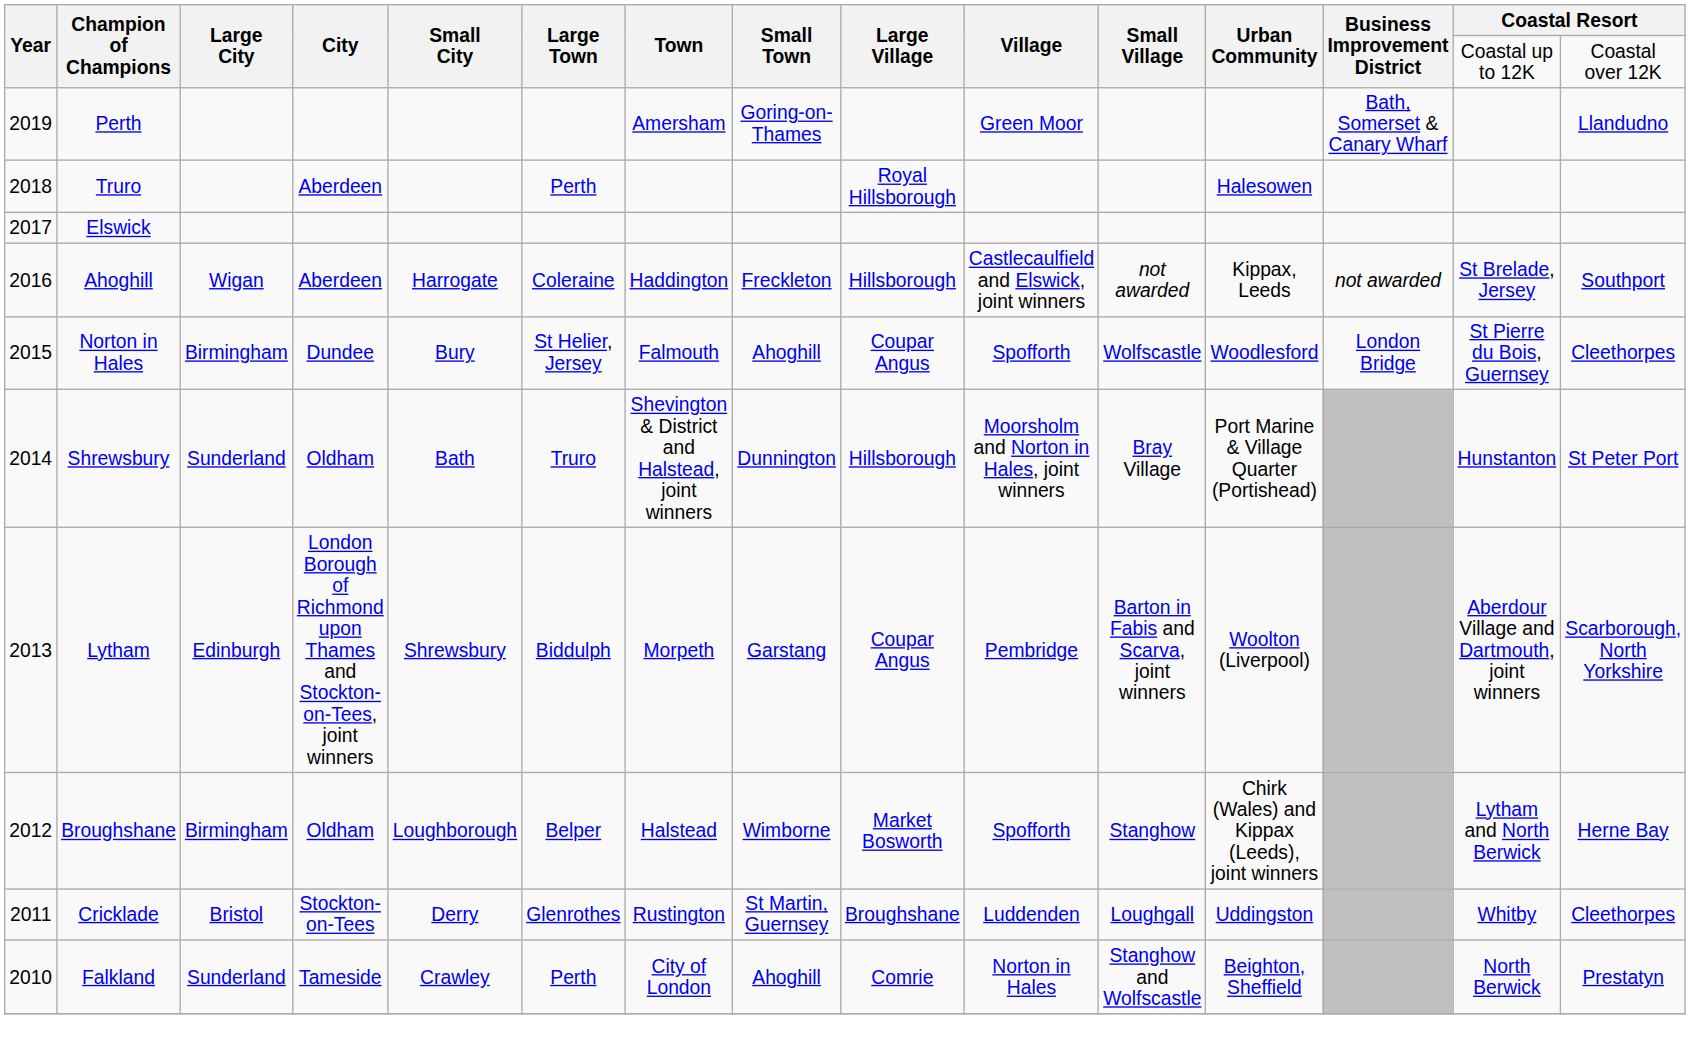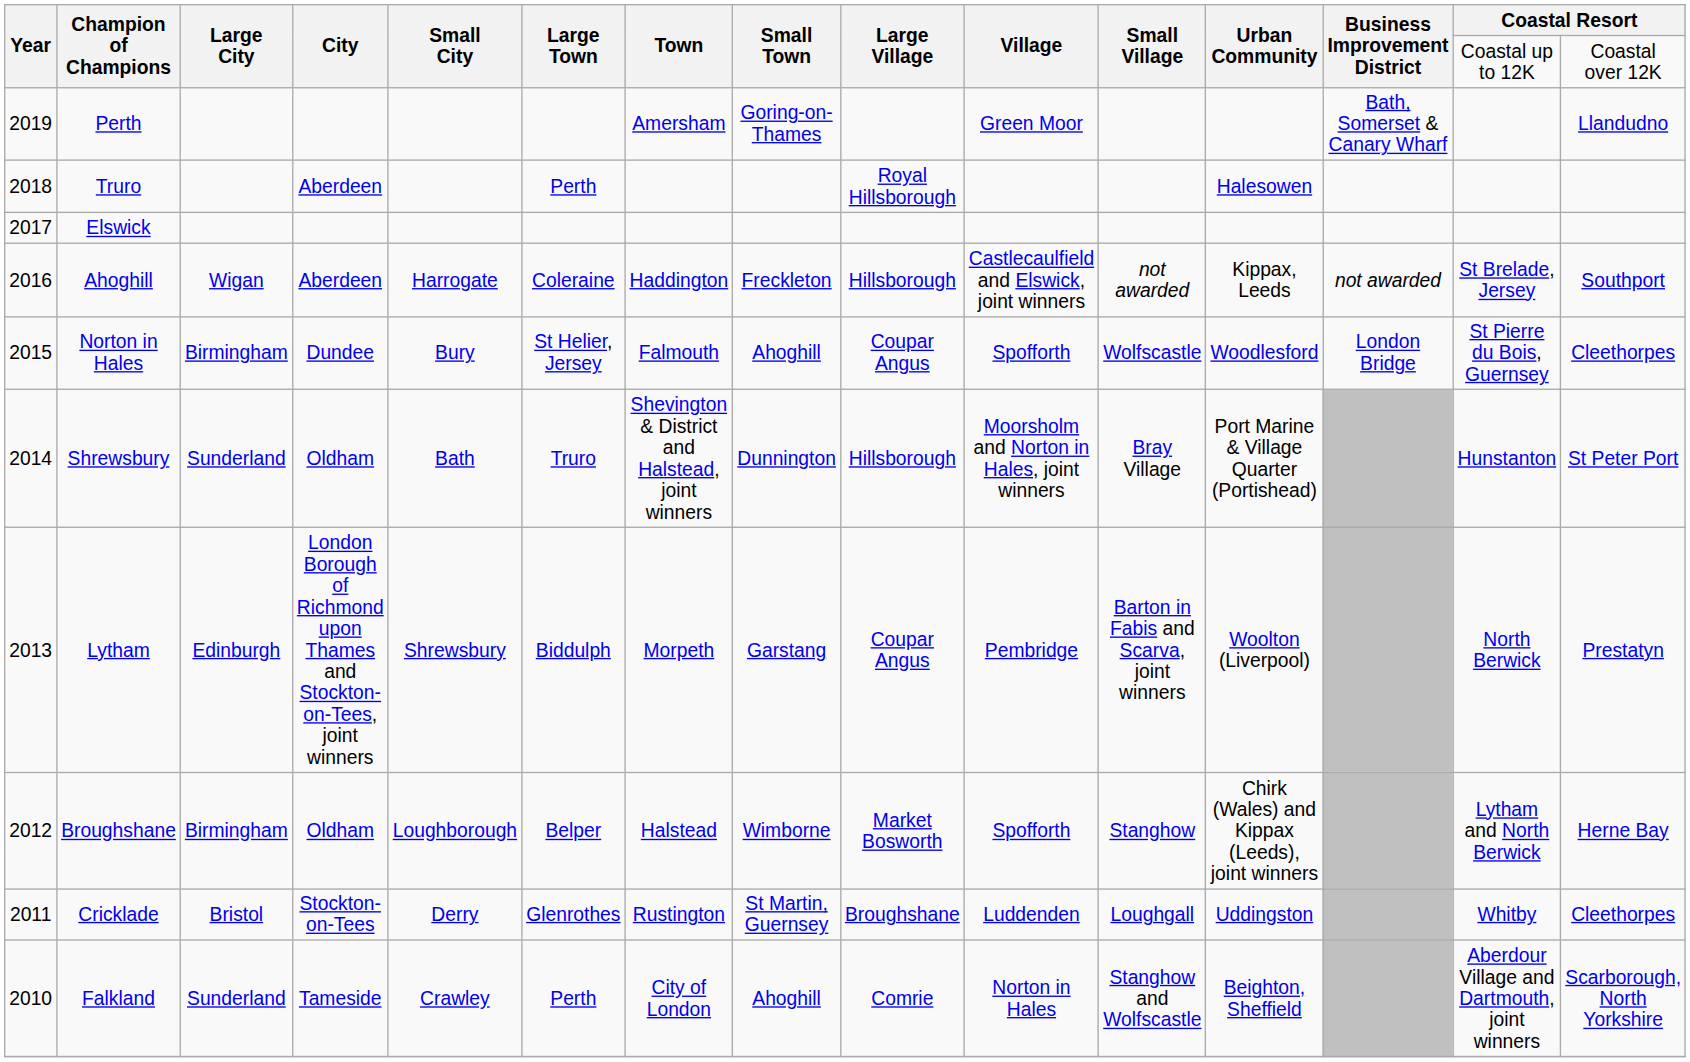 <table class="wikitable sticky-header" style="text-align:center; font-size:90%">
 <tr>
 <th rowspan=2 style="width:6.25%;">Year</th>
 <th rowspan=2 style="width:6.25%;">Champion of Champions</th>
 <th rowspan=2 style="width:6.25%;">Large<br>City</th>
 <th rowspan=2 style="width:6.25%;">City</th>
 <th rowspan=2 style="width:6.25%;">Small<br>City</th>
 <th rowspan=2 style="width:6.25%;">Large<br>Town</th>
 <th rowspan=2 style="width:6.25%;">Town</th>
 <th rowspan=2 style="width:6.25%;">Small<br>Town</th>
 <th rowspan=2 style="width:6.25%;">Large<br>Village</th>
 <th rowspan=2 style="width:6.25%;">Village</th>
 <th rowspan=2 style="width:6.25%;">Small<br>Village</th>
 <th rowspan=2 style="width:6.25%;">Urban<br>Community</th>
 <th rowspan=2 style="width:6.25%;">Business <br>Improvement <br>District</th>
 <th colspan="2" style="width:12.5%;">Coastal Resort</th>
 </tr>
 <tr>
 <td>Coastal up to 12K</td>
 <td>Coastal over 12K</td>
 </tr>
 <tr>
 <td>2019</td>
 <td><a href='#'>Perth</a></td>
 <td></td>
 <td></td>
 <td></td>
 <td></td>
 <td><a href='#'>Amersham</a></td>
 <td><a href='#'>Goring-on-Thames</a></td>
 <td></td>
 <td><a href='#'>Green Moor</a></td>
 <td></td>
 <td></td>
 <td><a href='#'>Bath, Somerset</a> & <a href='#'>Canary Wharf</a></td>
 <td></td>
 <td><a href='#'>Llandudno</a></td>
 </tr>
 <tr>
 <td>2018</td>
 <td><a href='#'>Truro</a></td>
 <td></td>
 <td><a href='#'>Aberdeen</a></td>
 <td></td>
 <td><a href='#'>Perth</a></td>
 <td></td>
 <td></td>
 <td><a href='#'>Royal Hillsborough</a></td>
 <td></td>
 <td></td>
 <td><a href='#'>Halesowen</a></td>
 <td></td>
 <td></td>
 <td></td>
 </tr>
 <tr>
 <td>2017</td>
 <td><a href='#'>Elswick</a></td>
 <td></td>
 <td></td>
 <td></td>
 <td></td>
 <td></td>
 <td></td>
 <td></td>
 <td></td>
 <td></td>
 <td></td>
 <td></td>
 <td></td>
 <td></td>
 </tr>
 <tr>
 <td>2016</td>
 <td><a href='#'>Ahoghill</a></td>
 <td><a href='#'>Wigan</a></td>
 <td><a href='#'>Aberdeen</a></td>
 <td><a href='#'>Harrogate</a></td>
 <td><a href='#'>Coleraine</a></td>
 <td><a href='#'>Haddington</a></td>
 <td><a href='#'>Freckleton</a></td>
 <td><a href='#'>Hillsborough</a></td>
 <td><a href='#'>Castlecaulfield</a> and <a href='#'>Elswick</a>, joint winners</td>
 <td><em>not awarded</em></td>
 <td>Kippax, <br> Leeds</td>
 <td><em>not awarded</em></td>
 <td><a href='#'>St Brelade</a>, <a href='#'>Jersey</a></td>
 <td><a href='#'>Southport</a></td>
 </tr>
 <tr>
 <td>2015</td>
 <td><a href='#'>Norton in Hales</a></td>
 <td><a href='#'>Birmingham</a></td>
 <td><a href='#'>Dundee</a></td>
 <td><a href='#'>Bury</a></td>
 <td><a href='#'>St Helier</a>, <a href='#'>Jersey</a></td>
 <td><a href='#'>Falmouth</a></td>
 <td><a href='#'>Ahoghill</a></td>
 <td><a href='#'>Coupar Angus</a></td>
 <td><a href='#'>Spofforth</a></td>
 <td><a href='#'>Wolfscastle</a></td>
 <td><a href='#'>Woodlesford</a></td>
 <td><a href='#'>London Bridge</a></td>
 <td><a href='#'>St Pierre du Bois</a>, <a href='#'>Guernsey</a></td>
 <td><a href='#'>Cleethorpes</a></td>
 </tr>
 <tr>
 <td>2014</td>
 <td><a href='#'>Shrewsbury</a></td>
 <td><a href='#'>Sunderland</a></td>
 <td><a href='#'>Oldham</a></td>
 <td><a href='#'>Bath</a></td>
 <td><a href='#'>Truro</a></td>
 <td><a href='#'>Shevington</a> & District and <a href='#'>Halstead</a>, joint winners</td>
 <td><a href='#'>Dunnington</a></td>
 <td><a href='#'>Hillsborough</a></td>
 <td><a href='#'>Moorsholm</a> and <a href='#'>Norton in Hales</a>, joint winners</td>
 <td><a href='#'>Bray</a> Village</td>
 <td>Port Marine & Village Quarter (Portishead)</td>
 <td style="background: #C0C0C0;"></td>
 <td><a href='#'>Hunstanton</a></td>
 <td><a href='#'>St Peter Port</a></td>
 </tr>
 <tr>
 <td>2013</td>
 <td><a href='#'>Lytham</a></td>
 <td><a href='#'>Edinburgh</a></td>
 <td><a href='#'>London Borough of Richmond upon Thames</a> and <a href='#'>Stockton-on-Tees</a>,<br>joint winners</td>
 <td><a href='#'>Shrewsbury</a></td>
 <td><a href='#'>Biddulph</a></td>
 <td><a href='#'>Morpeth</a></td>
 <td><a href='#'>Garstang</a></td>
 <td><a href='#'>Coupar Angus</a></td>
 <td><a href='#'>Pembridge</a></td>
 <td><a href='#'>Barton in Fabis</a> and <a href='#'>Scarva</a>, joint winners</td>
 <td><a href='#'>Woolton</a> (Liverpool)</td>
 <td style="background: #C0C0C0;"></td>
-<td><a href='#'>Aberdour</a> Village and <a href='#'>Dartmouth</a>, joint winners</td>
-<td><a href='#'>Scarborough, North Yorkshire</a></td>
+<td><a href='#'>North Berwick</a></td>
+<td><a href='#'>Prestatyn</a></td>
 </tr>
 <tr>
 <td>2012</td>
 <td><a href='#'>Broughshane</a></td>
 <td><a href='#'>Birmingham</a></td>
 <td><a href='#'>Oldham</a></td>
 <td><a href='#'>Loughborough</a></td>
 <td><a href='#'>Belper</a></td>
 <td><a href='#'>Halstead</a></td>
 <td><a href='#'>Wimborne</a></td>
 <td><a href='#'>Market Bosworth</a></td>
 <td><a href='#'>Spofforth</a></td>
 <td><a href='#'>Stanghow</a></td>
 <td>Chirk (Wales) and Kippax (Leeds), joint winners</td>
 <td style="background: #C0C0C0;"></td>
 <td><a href='#'>Lytham</a> and <a href='#'>North Berwick</a></td>
 <td><a href='#'>Herne Bay</a></td>
 </tr>
 <tr>
 <td>2011</td>
 <td><a href='#'>Cricklade</a></td>
 <td><a href='#'>Bristol</a></td>
 <td><a href='#'>Stockton-on-Tees</a></td>
 <td><a href='#'>Derry</a></td>
 <td><a href='#'>Glenrothes</a></td>
 <td><a href='#'>Rustington</a></td>
 <td><a href='#'>St Martin, Guernsey</a></td>
 <td><a href='#'>Broughshane</a></td>
 <td><a href='#'>Luddenden</a></td>
 <td><a href='#'>Loughgall</a></td>
 <td><a href='#'>Uddingston</a></td>
 <td style="background: #C0C0C0;"></td>
 <td><a href='#'>Whitby</a></td>
 <td><a href='#'>Cleethorpes</a></td>
 </tr>
 <tr>
 <td>2010</td>
 <td><a href='#'>Falkland</a></td>
 <td><a href='#'>Sunderland</a></td>
 <td><a href='#'>Tameside</a></td>
 <td><a href='#'>Crawley</a></td>
 <td><a href='#'>Perth</a></td>
 <td><a href='#'>City of London</a></td>
 <td><a href='#'>Ahoghill</a></td>
 <td><a href='#'>Comrie</a></td>
 <td><a href='#'>Norton in Hales</a></td>
 <td><a href='#'>Stanghow</a> and <a href='#'>Wolfscastle</a></td>
 <td><a href='#'>Beighton, Sheffield</a></td>
 <td style="background: #C0C0C0;"></td>
-<td><a href='#'>North Berwick</a></td>
-<td><a href='#'>Prestatyn</a></td>
+<td><a href='#'>Aberdour</a> Village and <a href='#'>Dartmouth</a>, joint winners</td>
+<td><a href='#'>Scarborough, North Yorkshire</a></td>
 </tr>
 <tr>
 </tr>
 </table>
